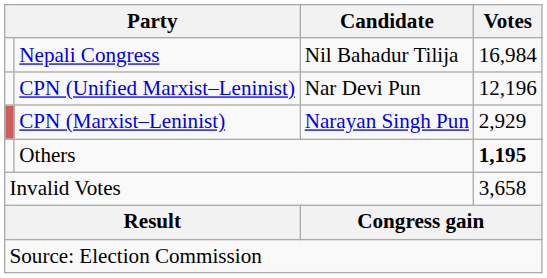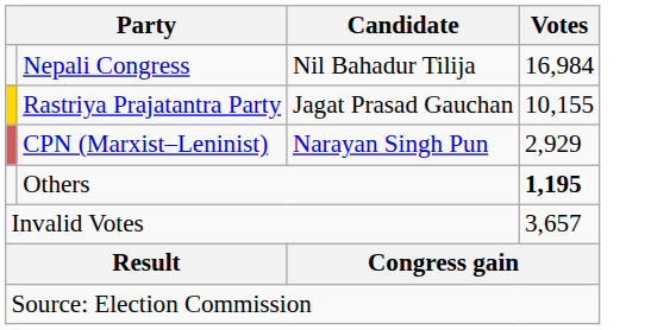 <table class="wikitable">
 <tr>
 <th colspan="2">Party</th>
 <th>Candidate</th>
 <th>Votes</th>
 </tr>
 <tr>
 <td style="background-color:"></td>
 <td><a href='#'>Nepali Congress</a></td>
 <td>Nil Bahadur Tilija</td>
 <td>16,984</td>
 </tr>
 <tr>
-<td style="background-color:"></td>
-<td><a href='#'>CPN (Unified Marxist–Leninist)</a></td>
-<td>Nar Devi Pun</td>
-<td>12,196</td>
+<td style="background-color:gold"></td>
+<td><a href='#'>Rastriya Prajatantra Party</a></td>
+<td>Jagat Prasad Gauchan</td>
+<td>10,155</td>
 </tr>
 <tr>
 <td style="background-color:indianred"></td>
 <td><a href='#'>CPN (Marxist–Leninist)</a></td>
 <td><a href='#'>Narayan Singh Pun</a></td>
 <td>2,929</td>
 </tr>
 <tr>
 <td></td>
 <td colspan="2">Others</td>
 <td><strong>1,195</strong></td>
 </tr>
 <tr>
 <td colspan="3">Invalid Votes</td>
-<td>3,658</td>
+<td>3,657</td>
 </tr>
 <tr>
 <th colspan="2">Result</th>
 <th colspan="2">Congress gain</th>
 </tr>
 <tr>
 <td colspan="4">Source: Election Commission</td>
 </tr>
 </table>
